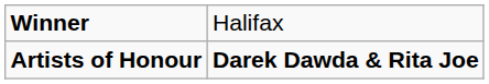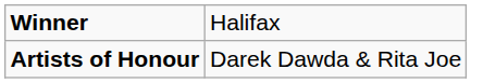 <table class="wikitable">
 <tr>
 <td><strong>Winner</strong></td>
 <td>Halifax</td>
 </tr>
 <tr>
 <td><strong>Artists of Honour</strong></td>
-<td><strong>Darek Dawda & Rita Joe</strong></td>
+<td>Darek Dawda & Rita Joe</td>
 </tr>
 </table>
